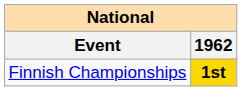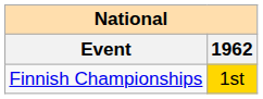 <table class="wikitable" style="text-align:center">
 <tr>
 <th style="background-color: #ffdead; " colspan=2 align=center>National</th>
 </tr>
 <tr>
 <th>Event</th>
 <th>1962</th>
 </tr>
 <tr>
 <td align=left><a href='#'>Finnish Championships</a></td>
-<td bgcolor=gold><strong>1st</strong></td>
+<td bgcolor=gold>1st</td>
 </tr>
 </table>
